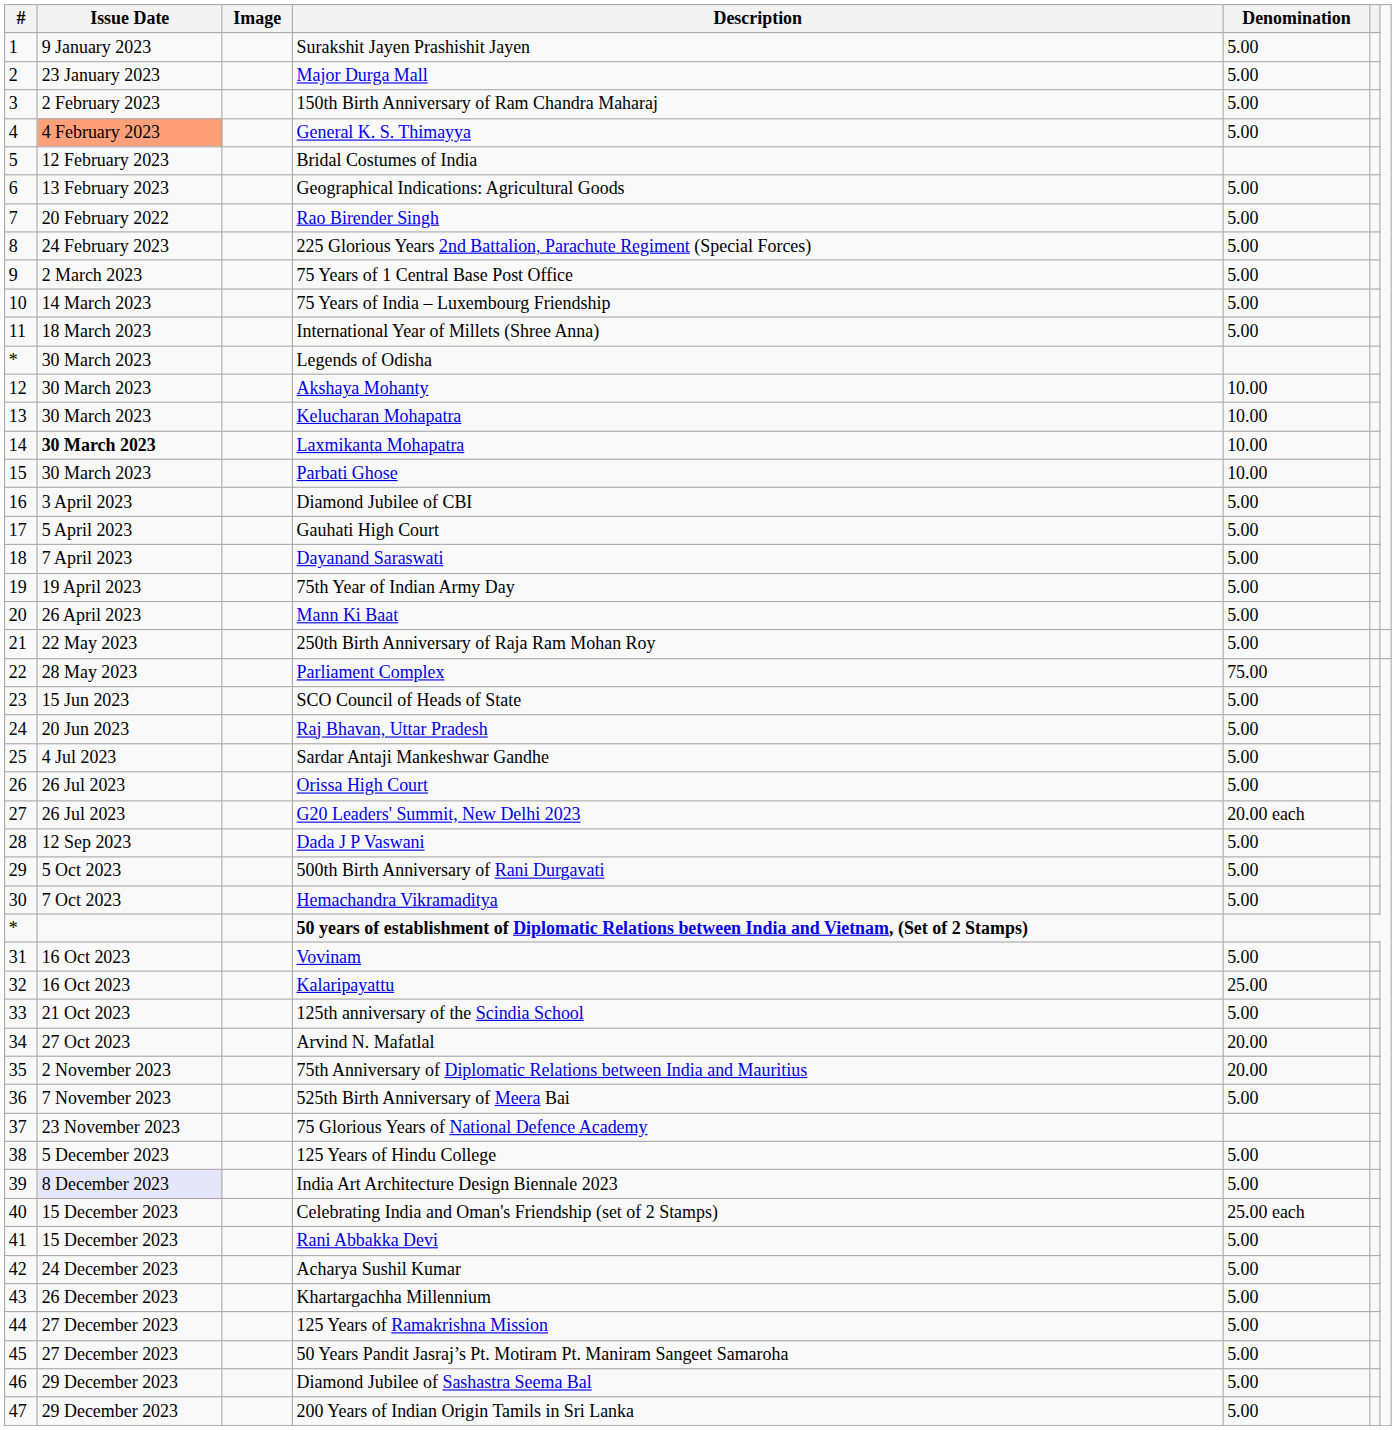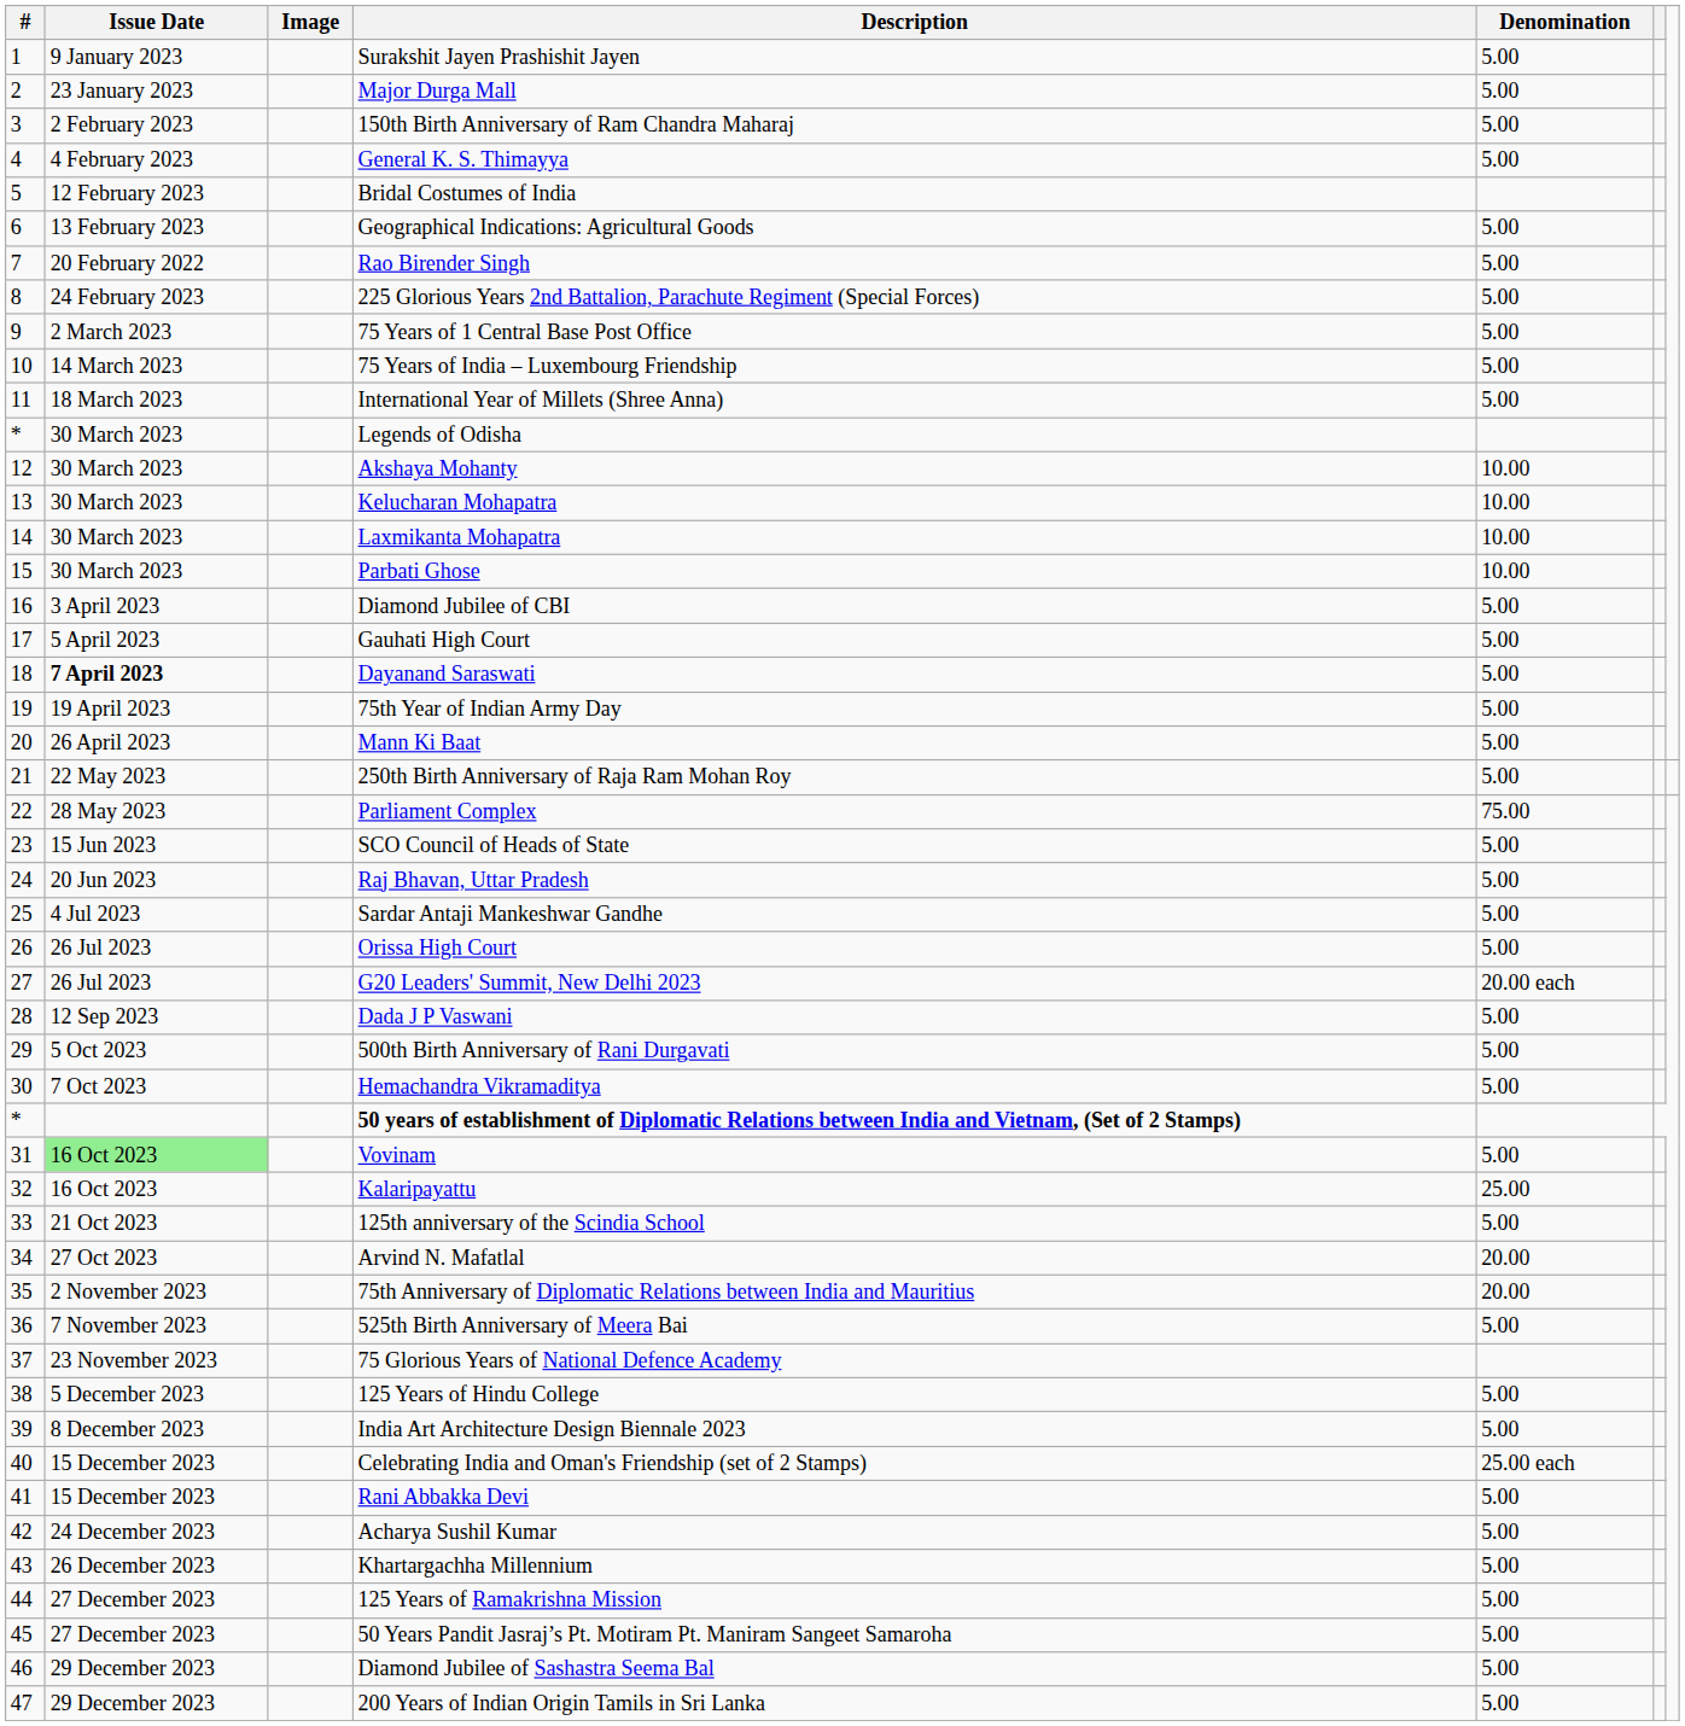 <table class = "wikitable"  style = "text-align:justify" width = "98%">
 <tr>
 <th>#</th>
 <th>Issue Date</th>
 <th>Image</th>
 <th>Description</th>
 <th>Denomination</th>
 <th></th>
 </tr>
 <tr>
 <td>1</td>
 <td>9 January 2023</td>
 <td></td>
 <td>Surakshit Jayen Prashishit Jayen</td>
 <td>5.00</td>
 <td></td>
 </tr>
 <tr>
 <td>2</td>
 <td>23 January 2023</td>
 <td></td>
 <td><a href='#'>Major Durga Mall</a></td>
 <td>5.00</td>
 <td></td>
 </tr>
 <tr>
 <td>3</td>
 <td>2 February 2023</td>
 <td></td>
 <td>150th Birth Anniversary of Ram Chandra Maharaj</td>
 <td>5.00</td>
 <td></td>
 </tr>
 <tr>
 <td>4</td>
-<td style="background: lightsalmon;">4 February 2023</td>
+<td>4 February 2023</td>
 <td></td>
 <td><a href='#'>General K. S. Thimayya</a></td>
 <td>5.00</td>
 <td></td>
 </tr>
 <tr>
 <td>5</td>
 <td>12 February 2023</td>
 <td></td>
 <td>Bridal Costumes of India</td>
 <td></td>
 <td></td>
 </tr>
 <tr>
 <td>6</td>
 <td>13 February 2023</td>
 <td></td>
 <td>Geographical Indications: Agricultural Goods</td>
 <td>5.00</td>
 <td></td>
 </tr>
 <tr>
 <td>7</td>
 <td>20 February 2022</td>
 <td></td>
 <td><a href='#'>Rao Birender Singh</a></td>
 <td>5.00</td>
 <td></td>
 </tr>
 <tr>
 <td>8</td>
 <td>24 February 2023</td>
 <td></td>
 <td>225 Glorious Years <a href='#'>2nd Battalion, Parachute Regiment</a> (Special Forces)</td>
 <td>5.00</td>
 <td></td>
 </tr>
 <tr>
 <td>9</td>
 <td>2 March 2023</td>
 <td></td>
 <td>75 Years of 1 Central Base Post Office</td>
 <td>5.00</td>
 <td></td>
 </tr>
 <tr>
 <td>10</td>
 <td>14 March 2023</td>
 <td></td>
 <td>75 Years of India – Luxembourg Friendship</td>
 <td>5.00</td>
 <td></td>
 </tr>
 <tr>
 <td>11</td>
 <td>18 March 2023</td>
 <td></td>
 <td>International Year of Millets (Shree Anna)</td>
 <td>5.00</td>
 <td></td>
 </tr>
 <tr>
 <td>*</td>
 <td>30 March 2023</td>
 <td></td>
 <td>Legends of Odisha</td>
 <td></td>
 <td></td>
 </tr>
 <tr>
 <td>12</td>
 <td>30 March 2023</td>
 <td></td>
 <td><a href='#'>Akshaya Mohanty</a></td>
 <td>10.00</td>
 <td></td>
 </tr>
 <tr>
 <td>13</td>
 <td>30 March 2023</td>
 <td></td>
 <td><a href='#'>Kelucharan Mohapatra</a></td>
 <td>10.00</td>
 <td></td>
 </tr>
 <tr>
 <td>14</td>
-<td><strong>30 March 2023</strong></td>
+<td>30 March 2023</td>
 <td></td>
 <td><a href='#'>Laxmikanta Mohapatra</a></td>
 <td>10.00</td>
 <td></td>
 </tr>
 <tr>
 <td>15</td>
 <td>30 March 2023</td>
 <td></td>
 <td><a href='#'>Parbati Ghose</a></td>
 <td>10.00</td>
 <td></td>
 </tr>
 <tr>
 <td>16</td>
 <td>3 April 2023</td>
 <td></td>
 <td>Diamond Jubilee of CBI</td>
 <td>5.00</td>
 <td></td>
 </tr>
 <tr>
 <td>17</td>
 <td>5 April 2023</td>
 <td></td>
 <td>Gauhati High Court</td>
 <td>5.00</td>
 <td></td>
 </tr>
 <tr>
 <td>18</td>
-<td>7 April 2023</td>
+<td><strong>7 April 2023</strong></td>
 <td></td>
 <td><a href='#'>Dayanand Saraswati</a></td>
 <td>5.00</td>
 <td></td>
 </tr>
 <tr>
 <td>19</td>
 <td>19 April 2023</td>
 <td></td>
 <td>75th Year of Indian Army Day</td>
 <td>5.00</td>
 <td></td>
 </tr>
 <tr>
 <td>20</td>
 <td>26 April 2023</td>
 <td></td>
 <td><a href='#'>Mann Ki Baat</a></td>
 <td>5.00</td>
 <td></td>
 </tr>
 <tr>
 <td>21</td>
 <td>22 May 2023</td>
 <td></td>
 <td>250th Birth Anniversary of Raja Ram Mohan Roy</td>
 <td>5.00</td>
 <td></td>
 <td></td>
 </tr>
 <tr>
 <td>22</td>
 <td>28 May 2023</td>
 <td></td>
 <td><a href='#'>Parliament Complex</a></td>
 <td>75.00</td>
 <td></td>
 </tr>
 <tr>
 <td>23</td>
 <td>15 Jun 2023</td>
 <td></td>
 <td>SCO Council of Heads of State</td>
 <td>5.00</td>
 <td></td>
 </tr>
 <tr>
 <td>24</td>
 <td>20 Jun 2023</td>
 <td></td>
 <td><a href='#'>Raj Bhavan, Uttar Pradesh</a></td>
 <td>5.00</td>
 <td></td>
 </tr>
 <tr>
 <td>25</td>
 <td>4 Jul 2023</td>
 <td></td>
 <td>Sardar Antaji Mankeshwar Gandhe</td>
 <td>5.00</td>
 <td></td>
 </tr>
 <tr>
 <td>26</td>
 <td>26 Jul 2023</td>
 <td></td>
 <td><a href='#'>Orissa High Court</a></td>
 <td>5.00</td>
 <td></td>
 </tr>
 <tr>
 <td>27</td>
 <td>26 Jul 2023</td>
 <td></td>
 <td><a href='#'>G20 Leaders' Summit, New Delhi 2023</a></td>
 <td>20.00 each</td>
 <td></td>
 </tr>
 <tr>
 <td>28</td>
 <td>12 Sep 2023</td>
 <td></td>
 <td><a href='#'>Dada J P Vaswani</a></td>
 <td>5.00</td>
 <td></td>
 </tr>
 <tr>
 <td>29</td>
 <td>5 Oct 2023</td>
 <td></td>
 <td>500th Birth Anniversary of <a href='#'>Rani Durgavati</a></td>
 <td>5.00</td>
 <td></td>
 </tr>
 <tr>
 <td>30</td>
 <td>7 Oct 2023</td>
 <td></td>
 <td><a href='#'>Hemachandra Vikramaditya</a></td>
 <td>5.00</td>
 <td></td>
 </tr>
 <tr>
 <td>*</td>
 <td></td>
 <td></td>
 <td><strong>50 years of establishment of <a href='#'>Diplomatic Relations between India and Vietnam</a>, (Set of 2 Stamps)</strong></td>
 <td></td>
 </tr>
 <tr>
 <td>31</td>
-<td>16 Oct 2023</td>
+<td style="background: lightgreen;">16 Oct 2023</td>
 <td></td>
 <td><a href='#'>Vovinam</a></td>
 <td>5.00</td>
 <td></td>
 </tr>
 <tr>
 <td>32</td>
 <td>16 Oct 2023</td>
 <td></td>
 <td><a href='#'>Kalaripayattu</a></td>
 <td>25.00</td>
 <td></td>
 </tr>
 <tr>
 <td>33</td>
 <td>21 Oct 2023</td>
 <td></td>
 <td>125th anniversary of the <a href='#'>Scindia School</a></td>
 <td>5.00</td>
 <td></td>
 </tr>
 <tr>
 <td>34</td>
 <td>27 Oct 2023</td>
 <td></td>
 <td>Arvind N. Mafatlal</td>
 <td>20.00</td>
 <td></td>
 </tr>
 <tr>
 <td>35</td>
 <td>2 November 2023</td>
 <td></td>
 <td>75th Anniversary of <a href='#'>Diplomatic Relations between India and Mauritius</a></td>
 <td>20.00</td>
 <td></td>
 </tr>
 <tr>
 <td>36</td>
 <td>7 November 2023</td>
 <td></td>
 <td>525th Birth Anniversary of <a href='#'>Meera</a> Bai</td>
 <td>5.00</td>
 <td></td>
 </tr>
 <tr>
 <td>37</td>
 <td>23 November 2023</td>
 <td></td>
 <td>75 Glorious Years of <a href='#'>National Defence Academy</a></td>
 <td></td>
 <td></td>
 </tr>
 <tr>
 <td>38</td>
 <td>5 December 2023</td>
 <td></td>
 <td>125 Years of Hindu College</td>
 <td>5.00</td>
 <td></td>
 </tr>
 <tr>
 <td>39</td>
-<td style="background: lavender;">8 December 2023</td>
+<td>8 December 2023</td>
 <td></td>
 <td>India Art Architecture Design Biennale 2023</td>
 <td>5.00</td>
 <td></td>
 </tr>
 <tr>
 <td>40</td>
 <td>15 December 2023</td>
 <td></td>
 <td>Celebrating India and Oman's Friendship (set of 2 Stamps)</td>
 <td>25.00 each</td>
 <td></td>
 </tr>
 <tr>
 <td>41</td>
 <td>15 December 2023</td>
 <td></td>
 <td><a href='#'>Rani Abbakka Devi</a></td>
 <td>5.00</td>
 <td></td>
 </tr>
 <tr>
 <td>42</td>
 <td>24 December 2023</td>
 <td></td>
 <td>Acharya Sushil Kumar</td>
 <td>5.00</td>
 <td></td>
 </tr>
 <tr>
 <td>43</td>
 <td>26 December 2023</td>
 <td></td>
 <td>Khartargachha Millennium</td>
 <td>5.00</td>
 <td></td>
 </tr>
 <tr>
 <td>44</td>
 <td>27 December 2023</td>
 <td></td>
 <td>125 Years of <a href='#'>Ramakrishna Mission</a></td>
 <td>5.00</td>
 <td></td>
 </tr>
 <tr>
 <td>45</td>
 <td>27 December 2023</td>
 <td></td>
 <td>50 Years Pandit Jasraj’s Pt. Motiram Pt. Maniram Sangeet Samaroha</td>
 <td>5.00</td>
 <td></td>
 </tr>
 <tr>
 <td>46</td>
 <td>29 December 2023</td>
 <td></td>
 <td>Diamond Jubilee of <a href='#'>Sashastra Seema Bal</a></td>
 <td>5.00</td>
 <td></td>
 </tr>
 <tr>
 <td>47</td>
 <td>29 December 2023</td>
 <td></td>
 <td>200 Years of Indian Origin Tamils in Sri Lanka</td>
 <td>5.00</td>
 <td></td>
 </tr>
 <tr>
 </tr>
 </table>
